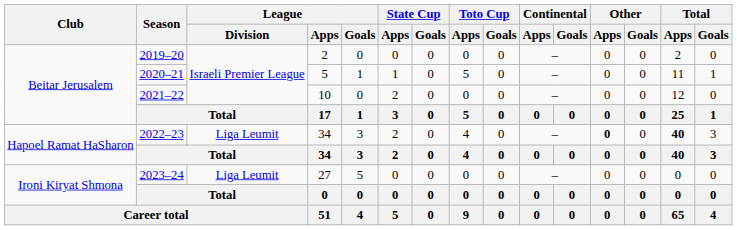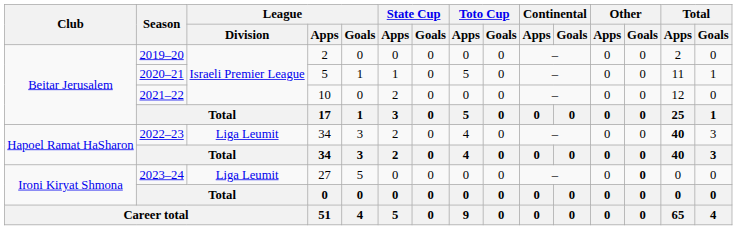 <table class="wikitable" style="text-align: center">
 <tr>
 <th rowspan="2">Club</th>
 <th rowspan="2">Season</th>
 <th colspan="3">League</th>
 <th colspan="2"><a href='#'>State Cup</a></th>
 <th colspan="2"><a href='#'>Toto Cup</a></th>
 <th colspan="2">Continental</th>
 <th colspan="2">Other</th>
 <th colspan="2">Total</th>
 </tr>
 <tr>
 <th>Division</th>
 <th>Apps</th>
 <th>Goals</th>
 <th>Apps</th>
 <th>Goals</th>
 <th>Apps</th>
 <th>Goals</th>
 <th>Apps</th>
 <th>Goals</th>
 <th>Apps</th>
 <th>Goals</th>
 <th>Apps</th>
 <th>Goals</th>
 </tr>
 <tr>
 <td rowspan="4"><a href='#'>Beitar Jerusalem</a></td>
 <td><a href='#'>2019–20</a></td>
 <td rowspan="3"><a href='#'>Israeli Premier League</a></td>
 <td>2</td>
 <td>0</td>
 <td>0</td>
 <td>0</td>
 <td>0</td>
 <td>0</td>
 <td colspan="2">–</td>
 <td>0</td>
 <td>0</td>
 <td>2</td>
 <td>0</td>
 </tr>
 <tr>
 <td><a href='#'>2020–21</a></td>
 <td>5</td>
 <td>1</td>
 <td>1</td>
 <td>0</td>
 <td>5</td>
 <td>0</td>
 <td colspan="2">–</td>
 <td>0</td>
 <td>0</td>
 <td>11</td>
 <td>1</td>
 </tr>
 <tr>
 <td><a href='#'>2021–22</a></td>
 <td>10</td>
 <td>0</td>
 <td>2</td>
 <td>0</td>
 <td>0</td>
 <td>0</td>
 <td colspan="2">–</td>
 <td>0</td>
 <td>0</td>
 <td>12</td>
 <td>0</td>
 </tr>
 <tr>
 <th colspan="2">Total</th>
 <th>17</th>
 <th>1</th>
 <th>3</th>
 <th>0</th>
 <th>5</th>
 <th>0</th>
 <th>0</th>
 <th>0</th>
 <th>0</th>
 <th>0</th>
 <th>25</th>
 <th>1</th>
 </tr>
 <tr>
 <td rowspan="2"><a href='#'>Hapoel Ramat HaSharon</a></td>
 <td><a href='#'>2022–23</a></td>
 <td rowspan="1"><a href='#'>Liga Leumit</a></td>
 <td>34</td>
 <td>3</td>
 <td>2</td>
 <td>0</td>
 <td>4</td>
 <td>0</td>
 <td colspan="2">–</td>
-<td><strong>0</strong></td>
+<td>0</td>
 <td>0</td>
 <td><strong>40</strong></td>
 <td>3</td>
 </tr>
 <tr>
 <th colspan="2">Total</th>
 <th>34</th>
 <th>3</th>
 <th>2</th>
 <th>0</th>
 <th>4</th>
 <th>0</th>
 <th>0</th>
 <th>0</th>
 <th>0</th>
 <th>0</th>
 <th>40</th>
 <th>3</th>
 </tr>
 <tr>
 <td rowspan="2"><a href='#'>Ironi Kiryat Shmona</a></td>
 <td><a href='#'>2023–24</a></td>
 <td rowspan="1"><a href='#'>Liga Leumit</a></td>
 <td>27</td>
 <td>5</td>
 <td>0</td>
 <td>0</td>
 <td>0</td>
 <td>0</td>
 <td colspan="2">–</td>
 <td>0</td>
-<td>0</td>
+<td><strong>0</strong></td>
 <td>0</td>
 <td>0</td>
 </tr>
 <tr>
 <th colspan="2">Total</th>
 <th>0</th>
 <th>0</th>
 <th>0</th>
 <th>0</th>
 <th>0</th>
 <th>0</th>
 <th>0</th>
 <th>0</th>
 <th>0</th>
 <th>0</th>
 <th>0</th>
 <th>0</th>
 </tr>
 <tr>
 <th colspan="3"><strong>Career total</strong></th>
 <th>51</th>
 <th>4</th>
 <th>5</th>
 <th>0</th>
 <th>9</th>
 <th>0</th>
 <th>0</th>
 <th>0</th>
 <th>0</th>
 <th>0</th>
 <th>65</th>
 <th>4</th>
 </tr>
 </table>
